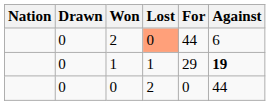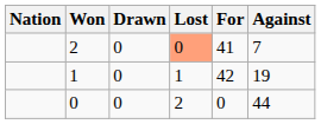 <table class="wikitable">
 <tr>
 <th>Nation</th>
+<th>Won</th>
 <th>Drawn</th>
-<th>Won</th>
 <th>Lost</th>
 <th>For</th>
 <th>Against</th>
 </tr>
 <tr>
 <td></td>
+<td>2</td>
 <td>0</td>
-<td>2</td>
 <td style="background: lightsalmon;">0</td>
-<td>44</td>
-<td>6</td>
+<td>41</td>
+<td>7</td>
 </tr>
 <tr>
 <td></td>
+<td>1</td>
 <td>0</td>
 <td>1</td>
-<td>1</td>
-<td>29</td>
-<td><strong>19</strong></td>
+<td>42</td>
+<td>19</td>
 </tr>
 <tr>
 <td></td>
 <td>0</td>
 <td>0</td>
 <td>2</td>
 <td>0</td>
 <td>44</td>
 </tr>
 </table>
